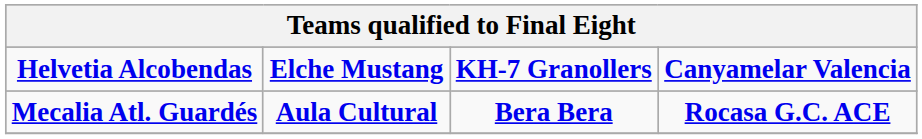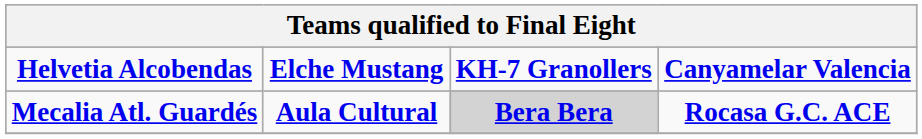 <table class="wikitable" style="text-align: center; margin: 0 auto;">
 <tr>
 <th colspan="4">Teams qualified to Final Eight</th>
 </tr>
 <tr>
 <td><strong><a href='#'>Helvetia Alcobendas</a></strong></td>
 <td><strong><a href='#'>Elche Mustang</a></strong></td>
 <td><strong><a href='#'>KH-7 Granollers</a></strong></td>
 <td><strong><a href='#'>Canyamelar Valencia</a></strong></td>
 </tr>
 <tr>
 <td><strong><a href='#'>Mecalia Atl. Guardés</a></strong></td>
 <td><strong><a href='#'>Aula Cultural</a></strong></td>
-<td><strong><a href='#'>Bera Bera</a></strong></td>
+<td style="background: lightgrey;"><strong><a href='#'>Bera Bera</a></strong></td>
 <td><strong><a href='#'>Rocasa G.C. ACE</a></strong></td>
 </tr>
 <tr>
 </tr>
 </table>
